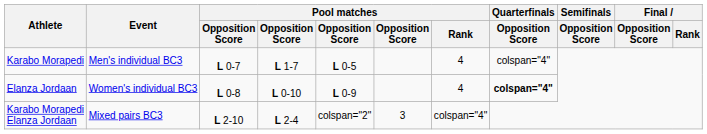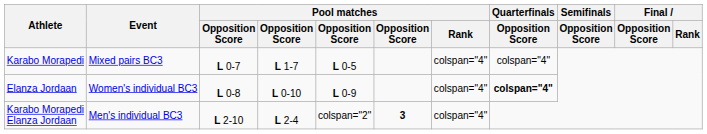 <table class=wikitable style="font-size:90%">
 <tr>
 <th rowspan="2">Athlete</th>
 <th rowspan="2">Event</th>
 <th colspan="5">Pool matches</th>
 <th>Quarterfinals</th>
 <th>Semifinals</th>
 <th colspan=2>Final / </th>
 </tr>
 <tr>
 <th>Opposition<br>Score</th>
 <th>Opposition<br>Score</th>
 <th>Opposition<br>Score</th>
 <th>Opposition<br>Score</th>
 <th>Rank</th>
 <th>Opposition<br>Score</th>
 <th>Opposition<br>Score</th>
 <th>Opposition<br>Score</th>
 <th>Rank</th>
 </tr>
 <tr align=center>
 <td align=left><a href='#'>Karabo Morapedi</a></td>
-<td align=left><a href='#'>Men's individual BC3</a></td>
+<td align=left><a href='#'>Mixed pairs BC3</a></td>
 <td><br><strong>L</strong> 0-7</td>
 <td><br><strong>L</strong> 1-7</td>
 <td><br><strong>L</strong> 0-5</td>
 <td></td>
-<td>4</td>
+<td>colspan="4"</td>
 <td>colspan="4" </td>
 </tr>
 <tr align=center>
 <td align=left><a href='#'>Elanza Jordaan</a></td>
 <td align=left><a href='#'>Women's individual BC3</a></td>
 <td><br><strong>L</strong> 0-8</td>
 <td><br><strong>L</strong> 0-10</td>
 <td><br><strong>L</strong> 0-9</td>
 <td></td>
-<td>4</td>
+<td>colspan="4"</td>
 <td><strong>colspan="4" </strong></td>
 </tr>
 <tr align=center>
 <td align=left><a href='#'>Karabo Morapedi</a><br><a href='#'>Elanza Jordaan</a></td>
-<td align=left><a href='#'>Mixed pairs BC3</a></td>
+<td align=left><a href='#'>Men's individual BC3</a></td>
 <td><br><strong>L</strong> 2-10</td>
 <td><br><strong>L</strong> 2-4</td>
 <td>colspan="2" </td>
-<td>3</td>
+<td><strong>3</strong></td>
 <td>colspan="4"</td>
 </tr>
 </table>
